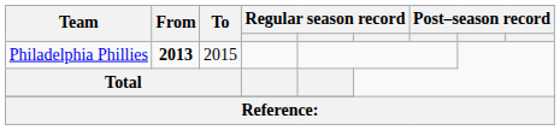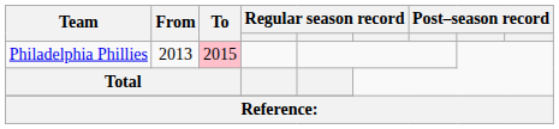 <table class="wikitable" Style="text-align: center;font-size:90%">
 <tr>
 <th rowspan="2">Team</th>
 <th rowspan="2">From</th>
 <th rowspan="2">To</th>
 <th colspan="3">Regular season record</th>
 <th colspan="3">Post–season record</th>
 </tr>
 <tr>
 <th></th>
 <th></th>
 <th></th>
 <th></th>
 <th></th>
 <th></th>
 </tr>
 <tr>
 <td><a href='#'>Philadelphia Phillies</a></td>
-<td><strong>2013</strong></td>
-<td>2015</td>
+<td>2013</td>
+<td style="background: pink;">2015</td>
 <td></td>
 <td colspan="3"></td>
 </tr>
 <tr>
 <th colspan="3">Total</th>
 <th></th>
 <th></th>
 </tr>
 <tr>
 </tr>
 <tr>
 <th colspan="9">Reference:</th>
 </tr>
 </table>
